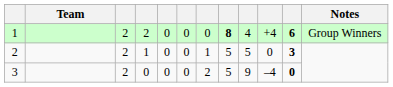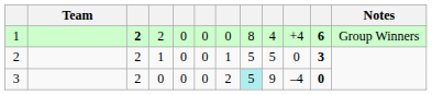 <table class="wikitable" style="text-align: center; font-size: 97%;">
 <tr>
 <th width="20"></th>
 <th width="110">Team</th>
 <th width="18"></th>
 <th width="22"></th>
 <th width="18"></th>
 <th width="18"></th>
 <th width="22"></th>
 <th width="18"></th>
 <th width="18"></th>
 <th width="25"></th>
 <th width="18"></th>
 <th width="105">Notes</th>
 </tr>
 <tr style="background-color: #ccffcc;">
 <td>1</td>
 <td align=left></td>
-<td>2</td>
+<td><strong>2</strong></td>
 <td>2</td>
 <td>0</td>
 <td>0</td>
 <td>0</td>
-<td><strong>8</strong></td>
+<td>8</td>
 <td>4</td>
 <td>+4</td>
 <td><strong>6</strong></td>
 <td>Group Winners</td>
 </tr>
 <tr>
 <td>2</td>
 <td align=left></td>
 <td>2</td>
 <td>1</td>
 <td>0</td>
 <td>0</td>
 <td>1</td>
 <td>5</td>
 <td>5</td>
 <td>0</td>
 <td><strong>3</strong></td>
 <td rowspan="2"></td>
 </tr>
 <tr>
 <td>3</td>
 <td align=left></td>
 <td>2</td>
 <td>0</td>
 <td>0</td>
 <td>0</td>
 <td>2</td>
-<td>5</td>
+<td style="background: paleturquoise;">5</td>
 <td>9</td>
 <td>–4</td>
 <td><strong>0</strong></td>
 </tr>
 </table>
